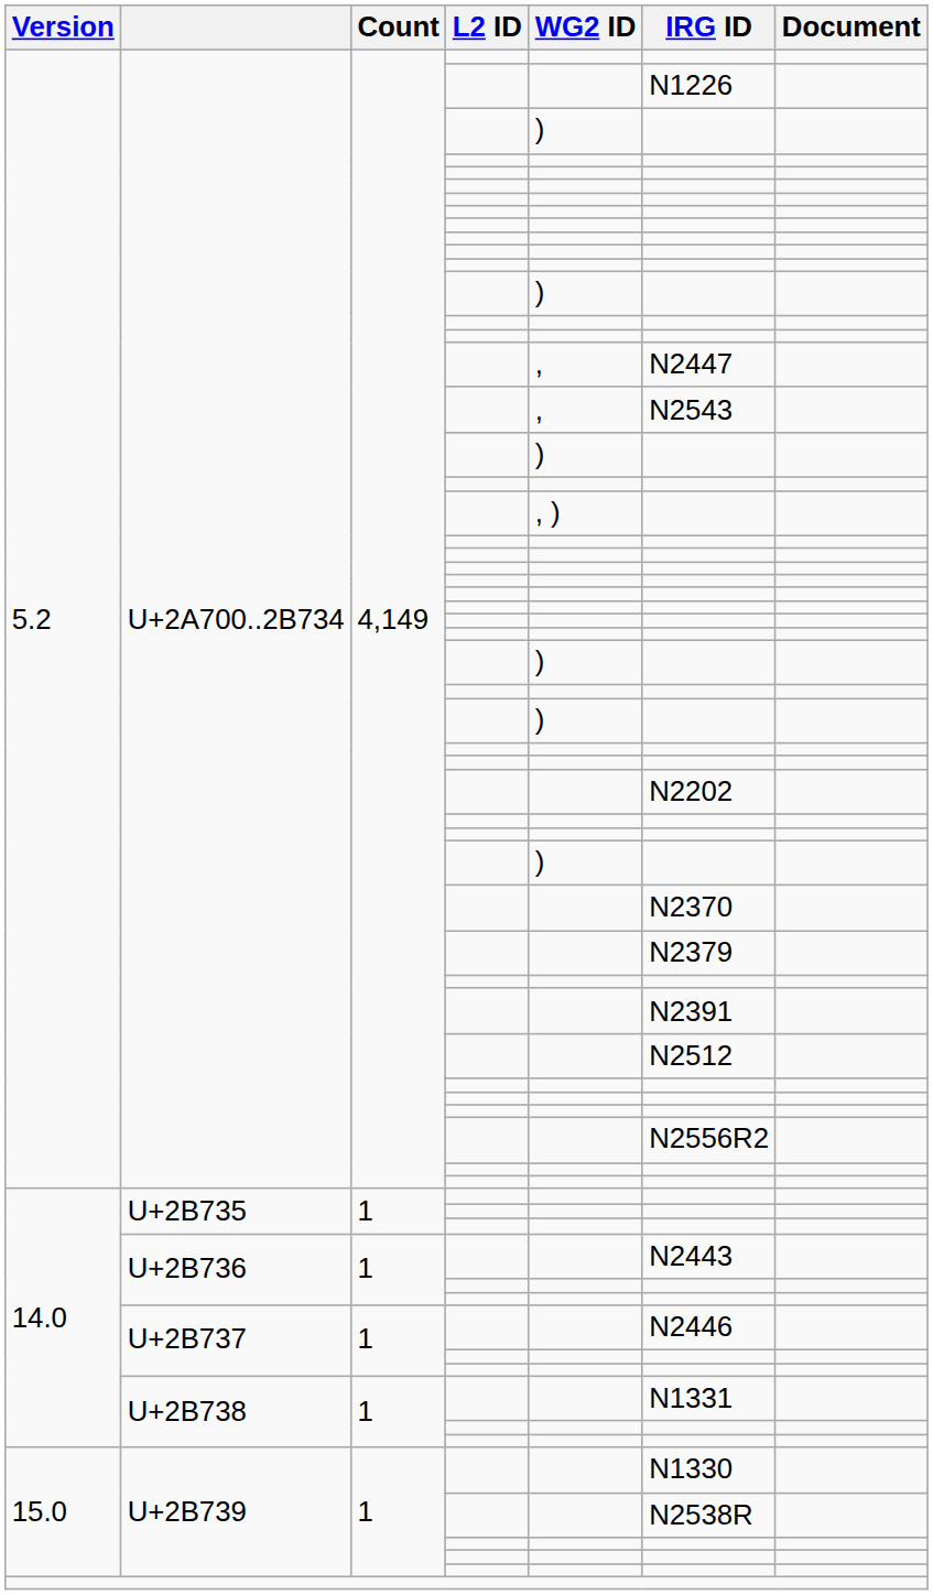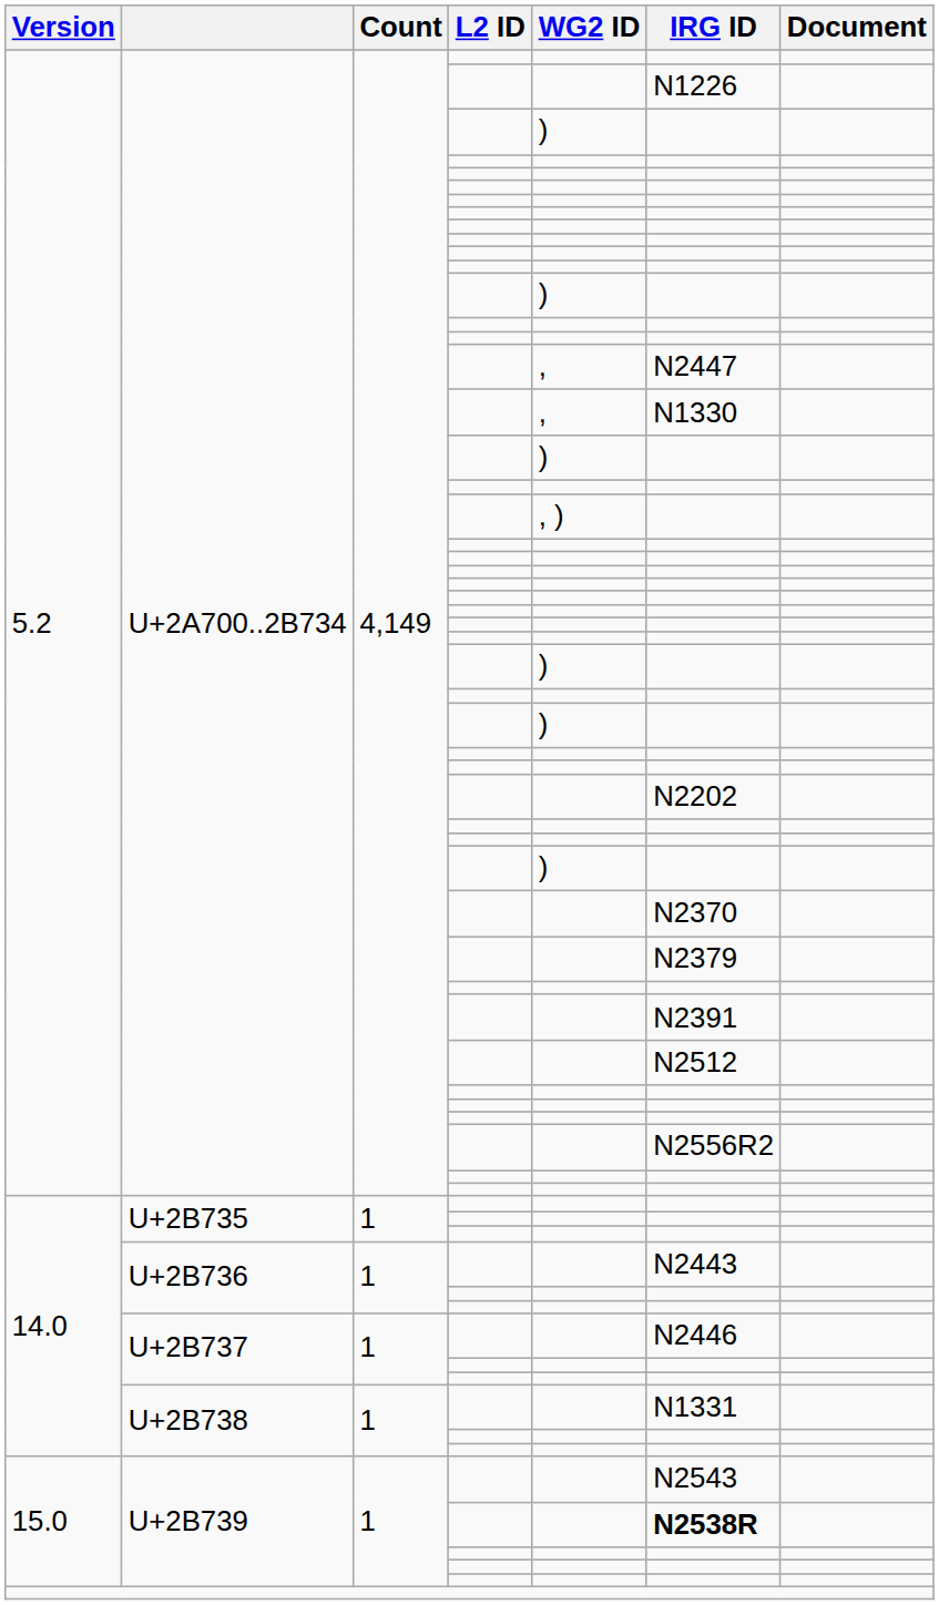 <table class="wikitable collapsible sticky-header">
 <tr>
 <th><a href='#'>Version</a></th>
 <th></th>
 <th>Count</th>
 <th><a href='#'>L2</a> ID</th>
 <th><a href='#'>WG2</a> ID</th>
 <th><a href='#'>IRG</a> ID</th>
 <th>Document</th>
 </tr>
 <tr>
 <td rowspan="48">5.2</td>
 <td rowspan="48">U+2A700..2B734</td>
 <td rowspan="48">4,149</td>
 <td></td>
 <td></td>
 <td></td>
 <td></td>
 </tr>
 <tr>
 <td></td>
 <td></td>
 <td>N1226</td>
 <td></td>
 </tr>
 <tr>
 <td></td>
 <td> )</td>
 <td></td>
 <td></td>
 </tr>
 <tr>
 <td></td>
 <td></td>
 <td></td>
 <td></td>
 </tr>
 <tr>
 <td></td>
 <td></td>
 <td></td>
 <td></td>
 </tr>
 <tr>
 <td></td>
 <td></td>
 <td></td>
 <td></td>
 </tr>
 <tr>
 <td></td>
 <td></td>
 <td></td>
 <td></td>
 </tr>
 <tr>
 <td></td>
 <td></td>
 <td></td>
 <td></td>
 </tr>
 <tr>
 <td></td>
 <td></td>
 <td></td>
 <td></td>
 </tr>
 <tr>
 <td></td>
 <td></td>
 <td></td>
 <td></td>
 </tr>
 <tr>
 <td></td>
 <td></td>
 <td></td>
 <td></td>
 </tr>
 <tr>
 <td></td>
 <td></td>
 <td></td>
 <td></td>
 </tr>
 <tr>
 <td></td>
 <td> )</td>
 <td></td>
 <td></td>
 </tr>
 <tr>
 <td></td>
 <td></td>
 <td></td>
 <td></td>
 </tr>
 <tr>
 <td></td>
 <td></td>
 <td></td>
 <td></td>
 </tr>
 <tr>
 <td></td>
 <td>,  </td>
 <td>N2447</td>
 <td></td>
 </tr>
 <tr>
 <td></td>
 <td>,  </td>
-<td>N2543</td>
+<td>N1330</td>
 <td></td>
 </tr>
 <tr>
 <td></td>
 <td> )</td>
 <td></td>
 <td></td>
 </tr>
 <tr>
 <td></td>
 <td></td>
 <td></td>
 <td></td>
 </tr>
 <tr>
 <td></td>
 <td> , )</td>
 <td></td>
 <td></td>
 </tr>
 <tr>
 <td></td>
 <td></td>
 <td></td>
 <td></td>
 </tr>
 <tr>
 <td></td>
 <td></td>
 <td></td>
 <td></td>
 </tr>
 <tr>
 <td></td>
 <td></td>
 <td></td>
 <td></td>
 </tr>
 <tr>
 <td></td>
 <td></td>
 <td></td>
 <td></td>
 </tr>
 <tr>
 <td></td>
 <td></td>
 <td></td>
 <td></td>
 </tr>
 <tr>
 <td></td>
 <td></td>
 <td></td>
 <td></td>
 </tr>
 <tr>
 <td></td>
 <td></td>
 <td></td>
 <td></td>
 </tr>
 <tr>
 <td></td>
 <td></td>
 <td></td>
 <td></td>
 </tr>
 <tr>
 <td></td>
 <td> )</td>
 <td></td>
 <td></td>
 </tr>
 <tr>
 <td></td>
 <td></td>
 <td></td>
 <td></td>
 </tr>
 <tr>
 <td></td>
 <td> )</td>
 <td></td>
 <td></td>
 </tr>
 <tr>
 <td></td>
 <td></td>
 <td></td>
 <td></td>
 </tr>
 <tr>
 <td></td>
 <td></td>
 <td></td>
 <td></td>
 </tr>
 <tr>
 <td></td>
 <td></td>
 <td>N2202</td>
 <td></td>
 </tr>
 <tr>
 <td></td>
 <td></td>
 <td></td>
 <td></td>
 </tr>
 <tr>
 <td></td>
 <td></td>
 <td></td>
 <td></td>
 </tr>
 <tr>
 <td></td>
 <td> )</td>
 <td></td>
 <td></td>
 </tr>
 <tr>
 <td></td>
 <td></td>
 <td>N2370</td>
 <td></td>
 </tr>
 <tr>
 <td></td>
 <td></td>
 <td>N2379</td>
 <td></td>
 </tr>
 <tr>
 <td></td>
 <td></td>
 <td></td>
 <td></td>
 </tr>
 <tr>
 <td></td>
 <td></td>
 <td>N2391</td>
 <td></td>
 </tr>
 <tr>
 <td></td>
 <td></td>
 <td>N2512</td>
 <td></td>
 </tr>
 <tr>
 <td></td>
 <td></td>
 <td></td>
 <td></td>
 </tr>
 <tr>
 <td></td>
 <td></td>
 <td></td>
 <td></td>
 </tr>
 <tr>
 <td></td>
 <td></td>
 <td></td>
 <td></td>
 </tr>
 <tr>
 <td></td>
 <td></td>
 <td>N2556R2</td>
 <td></td>
 </tr>
 <tr>
 <td></td>
 <td></td>
 <td></td>
 <td></td>
 </tr>
 <tr>
 <td></td>
 <td></td>
 <td></td>
 <td></td>
 </tr>
 <tr>
 <td rowspan="12">14.0</td>
 <td rowspan="3">U+2B735</td>
 <td rowspan="3">1</td>
 <td></td>
 <td></td>
 <td></td>
 <td></td>
 </tr>
 <tr>
 <td></td>
 <td></td>
 <td></td>
 <td></td>
 </tr>
 <tr>
 <td></td>
 <td></td>
 <td></td>
 <td></td>
 </tr>
 <tr>
 <td rowspan="3">U+2B736</td>
 <td rowspan="3">1</td>
 <td></td>
 <td></td>
 <td>N2443</td>
 <td></td>
 </tr>
 <tr>
 <td></td>
 <td></td>
 <td></td>
 <td></td>
 </tr>
 <tr>
 <td></td>
 <td></td>
 <td></td>
 <td></td>
 </tr>
 <tr>
 <td rowspan="3">U+2B737</td>
 <td rowspan="3">1</td>
 <td></td>
 <td></td>
 <td>N2446</td>
 <td></td>
 </tr>
 <tr>
 <td></td>
 <td></td>
 <td></td>
 <td></td>
 </tr>
 <tr>
 <td></td>
 <td></td>
 <td></td>
 <td></td>
 </tr>
 <tr>
 <td rowspan="3">U+2B738</td>
 <td rowspan="3">1</td>
 <td></td>
 <td></td>
 <td>N1331</td>
 <td></td>
 </tr>
 <tr>
 <td></td>
 <td></td>
 <td></td>
 <td></td>
 </tr>
 <tr>
 <td></td>
 <td></td>
 <td></td>
 <td></td>
 </tr>
 <tr>
 <td rowspan="5">15.0</td>
 <td rowspan="5">U+2B739</td>
 <td rowspan="5">1</td>
 <td></td>
 <td></td>
-<td>N1330</td>
+<td>N2543</td>
 <td></td>
 </tr>
 <tr>
 <td></td>
 <td></td>
-<td>N2538R</td>
+<td><strong>N2538R</strong></td>
 <td></td>
 </tr>
 <tr>
 <td></td>
 <td></td>
 <td></td>
 <td></td>
 </tr>
 <tr>
 <td></td>
 <td></td>
 <td></td>
 <td></td>
 </tr>
 <tr>
 <td></td>
 <td></td>
 <td></td>
 <td></td>
 </tr>
 <tr class="sortbottom">
 <td colspan="7"></td>
 </tr>
 </table>
